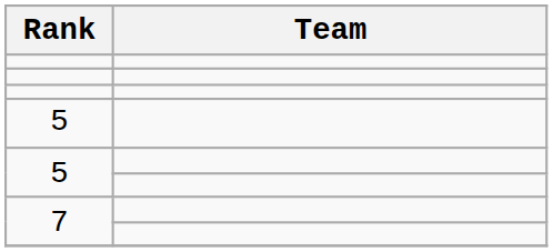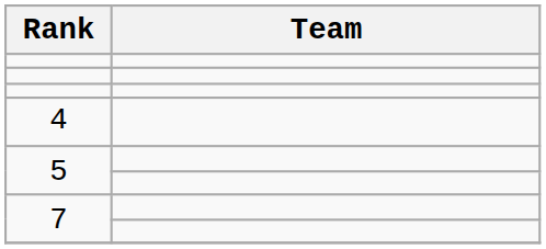 <table class="wikitable" style="text-align:center;">
 <tr>
 <th width=40>Rank</th>
 <th width=180>Team</th>
 </tr>
 <tr>
 <td></td>
 <td align=left></td>
 </tr>
 <tr>
 <td></td>
 <td align=left></td>
 </tr>
 <tr>
 <td></td>
 <td align=left></td>
 </tr>
 <tr>
-<td>5</td>
+<td>4</td>
 <td align=left></td>
 </tr>
 <tr>
 <td rowspan=2>5</td>
 <td align=left></td>
 </tr>
 <tr>
 <td align=left></td>
 </tr>
 <tr>
 <td rowspan=2>7</td>
 <td align=left></td>
 </tr>
 <tr>
 <td align=left></td>
 </tr>
 <tr>
 </tr>
 </table>
